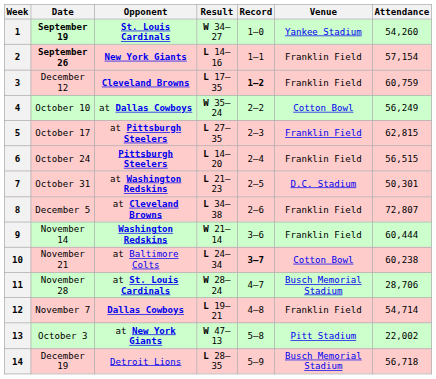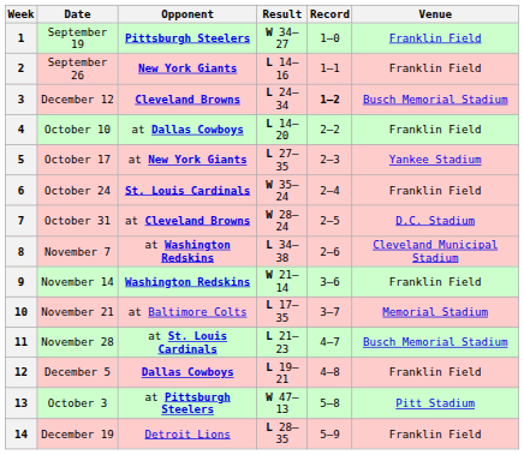 <table class="wikitable" style="text-align:center">
 <tr>
 <th>Week</th>
 <th>Date</th>
 <th>Opponent</th>
 <th>Result</th>
 <th>Record</th>
 <th>Venue</th>
-<th>Attendance</th>
 </tr>
 <tr style="background:#cfc">
 <th>1</th>
-<td><strong>September 19</strong></td>
-<td><strong><a href='#'>St. Louis Cardinals</a></strong></td>
+<td>September 19</td>
+<td><strong><a href='#'>Pittsburgh Steelers</a></strong></td>
 <td><strong>W</strong> 34–27</td>
 <td>1–0</td>
-<td><a href='#'>Yankee Stadium</a></td>
-<td>54,260</td>
+<td><a href='#'>Franklin Field</a></td>
 </tr>
 <tr style="background:#fcc">
 <th>2</th>
-<td><strong>September 26</strong></td>
+<td>September 26</td>
 <td><strong><a href='#'>New York Giants</a></strong></td>
 <td><strong>L</strong> 14–16</td>
 <td>1–1</td>
 <td>Franklin Field</td>
-<td>57,154</td>
 </tr>
 <tr style="background:#fcc">
 <th>3</th>
 <td>December 12</td>
 <td><strong><a href='#'>Cleveland Browns</a></strong></td>
-<td><strong>L</strong> 17–35</td>
+<td><strong>L</strong> 24–34</td>
 <td><strong>1–2</strong></td>
-<td>Franklin Field</td>
-<td>60,759</td>
+<td><a href='#'>Busch Memorial Stadium</a></td>
 </tr>
 <tr style="background:#cfc">
 <th>4</th>
 <td>October 10</td>
 <td>at <strong><a href='#'>Dallas Cowboys</a></strong></td>
-<td><strong>W</strong> 35–24</td>
+<td><strong>L</strong> 14–20</td>
 <td>2–2</td>
-<td><a href='#'>Cotton Bowl</a></td>
-<td>56,249</td>
+<td>Franklin Field</td>
 </tr>
 <tr style="background:#fcc">
 <th>5</th>
 <td>October 17</td>
-<td>at <strong><a href='#'>Pittsburgh Steelers</a></strong></td>
+<td>at <strong><a href='#'>New York Giants</a></strong></td>
 <td><strong>L</strong> 27–35</td>
 <td>2–3</td>
-<td><a href='#'>Franklin Field</a></td>
-<td>62,815</td>
+<td><a href='#'>Yankee Stadium</a></td>
 </tr>
 <tr style="background:#fcc">
 <th>6</th>
 <td>October 24</td>
-<td><strong><a href='#'>Pittsburgh Steelers</a></strong></td>
-<td><strong>L</strong> 14–20</td>
+<td><strong><a href='#'>St. Louis Cardinals</a></strong></td>
+<td><strong>W</strong> 35–24</td>
 <td>2–4</td>
 <td>Franklin Field</td>
-<td>56,515</td>
 </tr>
 <tr style="background:#fcc">
 <th>7</th>
 <td>October 31</td>
-<td>at <strong><a href='#'>Washington Redskins</a></strong></td>
-<td><strong>L</strong> 21–23</td>
+<td>at <strong><a href='#'>Cleveland Browns</a></strong></td>
+<td><strong>W</strong> 28–24</td>
 <td>2–5</td>
 <td><a href='#'>D.C. Stadium</a></td>
-<td>50,301</td>
 </tr>
 <tr style="background:#fcc">
 <th>8</th>
-<td>December 5</td>
-<td>at <strong><a href='#'>Cleveland Browns</a></strong></td>
+<td>November 7</td>
+<td>at <strong><a href='#'>Washington Redskins</a></strong></td>
 <td><strong>L</strong> 34–38</td>
 <td>2–6</td>
-<td>Franklin Field</td>
-<td>72,807</td>
+<td><a href='#'>Cleveland Municipal Stadium</a></td>
 </tr>
 <tr style="background:#cfc">
 <th>9</th>
 <td>November 14</td>
 <td><strong><a href='#'>Washington Redskins</a></strong></td>
 <td><strong>W</strong> 21–14</td>
 <td>3–6</td>
 <td>Franklin Field</td>
-<td>60,444</td>
 </tr>
 <tr style="background:#fcc">
 <th>10</th>
 <td>November 21</td>
 <td>at <a href='#'>Baltimore Colts</a></td>
-<td><strong>L</strong> 24–34</td>
-<td><strong>3–7</strong></td>
-<td><a href='#'>Cotton Bowl</a></td>
-<td>60,238</td>
+<td><strong>L</strong> 17–35</td>
+<td>3–7</td>
+<td><a href='#'>Memorial Stadium</a></td>
 </tr>
 <tr style="background:#cfc">
 <th>11</th>
 <td>November 28</td>
 <td>at <strong><a href='#'>St. Louis Cardinals</a></strong></td>
-<td><strong>W</strong> 28–24</td>
+<td><strong>L</strong> 21–23</td>
 <td>4–7</td>
 <td><a href='#'>Busch Memorial Stadium</a></td>
-<td>28,706</td>
 </tr>
 <tr style="background:#fcc">
 <th>12</th>
-<td>November 7</td>
+<td>December 5</td>
 <td><strong><a href='#'>Dallas Cowboys</a></strong></td>
 <td><strong>L</strong> 19–21</td>
 <td>4–8</td>
 <td>Franklin Field</td>
-<td>54,714</td>
 </tr>
 <tr style="background:#cfc">
 <th>13</th>
 <td>October 3</td>
-<td>at <strong><a href='#'>New York Giants</a></strong></td>
+<td>at <strong><a href='#'>Pittsburgh Steelers</a></strong></td>
 <td><strong>W</strong> 47–13</td>
 <td>5–8</td>
 <td><a href='#'>Pitt Stadium</a></td>
-<td>22,002</td>
 </tr>
 <tr style="background:#fcc">
 <th>14</th>
 <td>December 19</td>
 <td><a href='#'>Detroit Lions</a></td>
 <td><strong>L</strong> 28–35</td>
 <td>5–9</td>
-<td><a href='#'>Busch Memorial Stadium</a></td>
-<td>56,718</td>
+<td>Franklin Field</td>
 </tr>
 </table>
